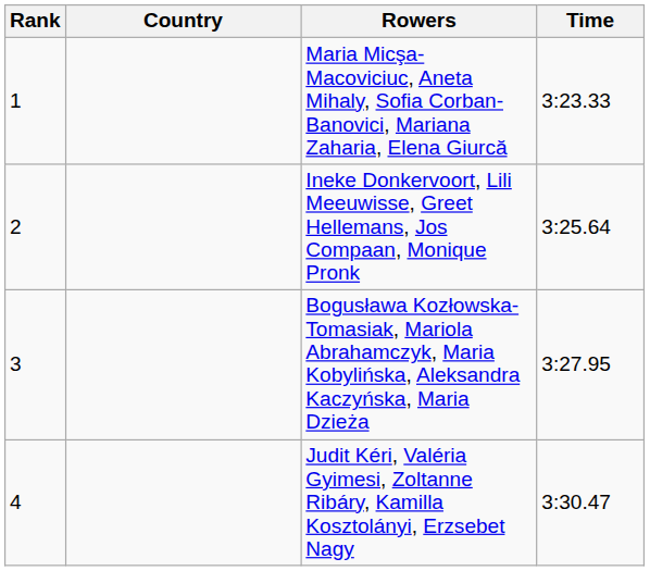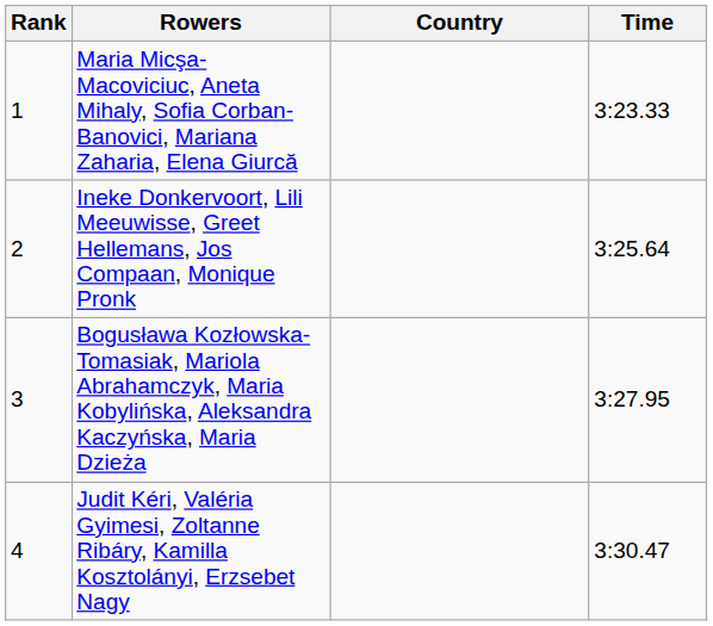 <table class="wikitable">
 <tr>
 <th width=25>Rank</th>
+<th width=175>Rowers</th>
 <th width=175>Country</th>
-<th width=175>Rowers</th>
 <th width=75>Time</th>
 </tr>
 <tr>
 <td>1</td>
+<td><a href='#'>Maria Micşa-Macoviciuc</a>, <a href='#'>Aneta Mihaly</a>, <a href='#'>Sofia Corban-Banovici</a>, <a href='#'>Mariana Zaharia</a>, <a href='#'>Elena Giurcă</a></td>
 <td></td>
-<td><a href='#'>Maria Micşa-Macoviciuc</a>, <a href='#'>Aneta Mihaly</a>, <a href='#'>Sofia Corban-Banovici</a>, <a href='#'>Mariana Zaharia</a>, <a href='#'>Elena Giurcă</a></td>
 <td>3:23.33</td>
 </tr>
 <tr>
 <td>2</td>
+<td><a href='#'>Ineke Donkervoort</a>, <a href='#'>Lili Meeuwisse</a>, <a href='#'>Greet Hellemans</a>, <a href='#'>Jos Compaan</a>, <a href='#'>Monique Pronk</a></td>
 <td></td>
-<td><a href='#'>Ineke Donkervoort</a>, <a href='#'>Lili Meeuwisse</a>, <a href='#'>Greet Hellemans</a>, <a href='#'>Jos Compaan</a>, <a href='#'>Monique Pronk</a></td>
 <td>3:25.64</td>
 </tr>
 <tr>
 <td>3</td>
+<td><a href='#'>Bogusława Kozłowska-Tomasiak</a>, <a href='#'>Mariola Abrahamczyk</a>, <a href='#'>Maria Kobylińska</a>, <a href='#'>Aleksandra Kaczyńska</a>, <a href='#'>Maria Dzieża</a></td>
 <td></td>
-<td><a href='#'>Bogusława Kozłowska-Tomasiak</a>, <a href='#'>Mariola Abrahamczyk</a>, <a href='#'>Maria Kobylińska</a>, <a href='#'>Aleksandra Kaczyńska</a>, <a href='#'>Maria Dzieża</a></td>
 <td>3:27.95</td>
 </tr>
 <tr>
 <td>4</td>
+<td><a href='#'>Judit Kéri</a>, <a href='#'>Valéria Gyimesi</a>, <a href='#'>Zoltanne Ribáry</a>, <a href='#'>Kamilla Kosztolányi</a>, <a href='#'>Erzsebet Nagy</a></td>
 <td></td>
-<td><a href='#'>Judit Kéri</a>, <a href='#'>Valéria Gyimesi</a>, <a href='#'>Zoltanne Ribáry</a>, <a href='#'>Kamilla Kosztolányi</a>, <a href='#'>Erzsebet Nagy</a></td>
 <td>3:30.47</td>
 </tr>
 </table>
